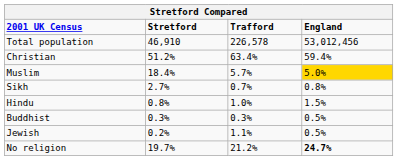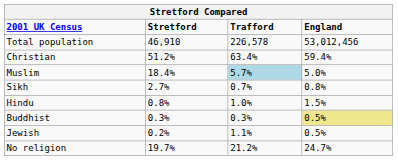 <table class="wikitable" id="toc" style="float: right; margin-left: 2em; width: 40%; font-size: 90%;" cellspacing="3">
 <tr>
 <th colspan="4"><strong>Stretford Compared</strong></th>
 </tr>
 <tr>
 <td><strong><a href='#'>2001 UK Census</a></strong></td>
 <td><strong>Stretford</strong></td>
 <td><strong>Trafford</strong></td>
 <td><strong>England</strong></td>
 </tr>
 <tr>
 <td>Total population</td>
 <td>46,910</td>
 <td>226,578</td>
 <td>53,012,456</td>
 </tr>
 <tr>
 <td>Christian</td>
 <td>51.2%</td>
 <td>63.4%</td>
 <td>59.4%</td>
 </tr>
 <tr>
 <td>Muslim</td>
 <td>18.4%</td>
-<td>5.7%</td>
-<td style="background: gold;">5.0%</td>
+<td style="background: lightblue;">5.7%</td>
+<td>5.0%</td>
 </tr>
 <tr>
 <td>Sikh</td>
 <td>2.7%</td>
 <td>0.7%</td>
 <td>0.8%</td>
 </tr>
 <tr>
 <td>Hindu</td>
 <td>0.8%</td>
 <td>1.0%</td>
 <td>1.5%</td>
 </tr>
 <tr>
 <td>Buddhist</td>
 <td>0.3%</td>
 <td>0.3%</td>
-<td>0.5%</td>
+<td style="background: khaki;">0.5%</td>
 </tr>
 <tr>
 <td>Jewish</td>
 <td>0.2%</td>
 <td>1.1%</td>
 <td>0.5%</td>
 </tr>
 <tr>
 <td>No religion</td>
 <td>19.7%</td>
 <td>21.2%</td>
-<td><strong>24.7%</strong></td>
+<td>24.7%</td>
 </tr>
 </table>
